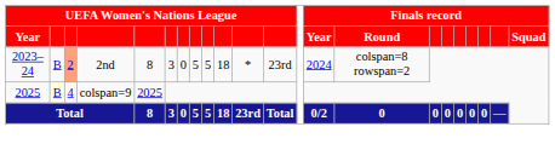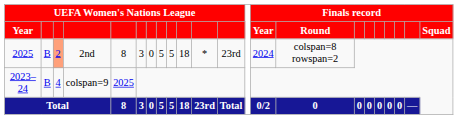 <table class="wikitable" style="font-size:90%; text-align:center;" width="100%" class="wikitable">
 <tr>
 <th colspan="12" style="background:#ff0000; color:white; ">UEFA Women's Nations League</th>
 <th width="1" rowspan=7 style="background:#FFFFFF; color:white"></th>
 <th colspan="9" style="background:#ff0000; color:white; ">Finals record</th>
 </tr>
 <tr>
 <th style="background:#ff0000; color:white; ">Year</th>
 <th style="background:#ff0000; color:white; "></th>
 <th style="background:#ff0000; color:white; "></th>
 <th style="background:#ff0000; color:white; "></th>
 <th style="background:#ff0000; color:white; "></th>
 <th style="background:#ff0000; color:white; "></th>
 <th style="background:#ff0000; color:white; "></th>
 <th style="background:#ff0000; color:white; "></th>
 <th style="background:#ff0000; color:white; "></th>
 <th style="background:#ff0000; color:white; "></th>
 <th style="background:#ff0000; color:white; "></th>
 <th style="background:#ff0000; color:white; "></th>
 <th style="background:#ff0000; color:white; ">Year</th>
 <th style="background:#ff0000; color:white; ">Round</th>
 <th style="background:#ff0000; color:white; "></th>
 <th style="background:#ff0000; color:white; "></th>
 <th style="background:#ff0000; color:white; "></th>
 <th style="background:#ff0000; color:white; "></th>
 <th style="background:#ff0000; color:white; "></th>
 <th style="background:#ff0000; color:white; "></th>
 <th style="background:#ff0000; color:white; ">Squad</th>
 </tr>
 <tr>
-<td><a href='#'>2023–24</a></td>
+<td><a href='#'>2025</a></td>
 <td><a href='#'>B</a></td>
 <td style="background: lightsalmon;"><a href='#'>2</a></td>
 <td>2nd</td>
 <td>8</td>
 <td>3</td>
 <td>0</td>
 <td>5</td>
 <td>5</td>
 <td>18</td>
 <td>*</td>
 <td>23rd</td>
 <td><a href='#'>2024</a></td>
 <td>colspan=8 rowspan=2 </td>
 </tr>
 <tr>
-<td><a href='#'>2025</a></td>
-<td style="background: lightyellow;"><a href='#'>B</a></td>
+<td><a href='#'>2023–24</a></td>
+<td><a href='#'>B</a></td>
 <td><a href='#'>4</a></td>
 <td>colspan=9 </td>
 <td><a href='#'>2025</a></td>
 </tr>
 <tr>
 <th colspan="4" style="background:#171796; color:white; "><strong>Total</strong></th>
 <th style="background:#171796; color:white; "><strong>8</strong></th>
 <th style="background:#171796; color:white; "><strong>3</strong></th>
 <th style="background:#171796; color:white; "><strong>0</strong></th>
 <th style="background:#171796; color:white; "><strong>5</strong></th>
 <th style="background:#171796; color:white; "><strong>5</strong></th>
 <th style="background:#171796; color:white; "><strong>18</strong></th>
 <th style="background:#171796; color:white; ">23rd</th>
 <th style="background:#171796; color:white; "><strong>Total</strong></th>
 <th style="background:#171796; color:white; "><strong>0/2</strong></th>
 <th style="background:#171796; color:white; "><strong>0</strong></th>
 <th style="background:#171796; color:white; "><strong>0</strong></th>
 <th style="background:#171796; color:white; "><strong>0</strong></th>
 <th style="background:#171796; color:white; "><strong>0</strong></th>
 <th style="background:#171796; color:white; "><strong>0</strong></th>
 <th style="background:#171796; color:white; "><strong>0</strong></th>
 <th style="background:#171796; color:white; ">—</th>
 </tr>
 </table>
